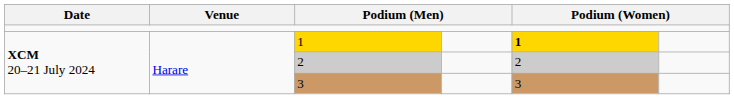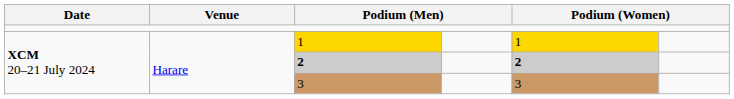 <table class="wikitable" width=70%>
 <tr>
 <th>Date</th>
 <th width=20%>Venue</th>
 <th colspan=2 width=30%>Podium (Men)</th>
 <th colspan=2 width=30%>Podium (Women)</th>
 </tr>
 <tr>
 <td colspan=6></td>
 </tr>
 <tr>
 <td rowspan=3><strong>XCM</strong> <br> 20–21 July 2024</td>
 <td rowspan=3><br><a href='#'>Harare</a></td>
 <td bgcolor=FFD700>1</td>
 <td></td>
-<td bgcolor=FFD700><strong>1</strong></td>
+<td bgcolor=FFD700>1</td>
 <td></td>
 </tr>
 <tr>
-<td bgcolor=CCCCCC>2</td>
+<td bgcolor=CCCCCC><strong>2</strong></td>
 <td></td>
-<td bgcolor=CCCCCC>2</td>
+<td bgcolor=CCCCCC><strong>2</strong></td>
 <td></td>
 </tr>
 <tr>
 <td bgcolor=CC9966>3</td>
 <td></td>
 <td bgcolor=CC9966>3</td>
 <td></td>
 </tr>
 </table>
